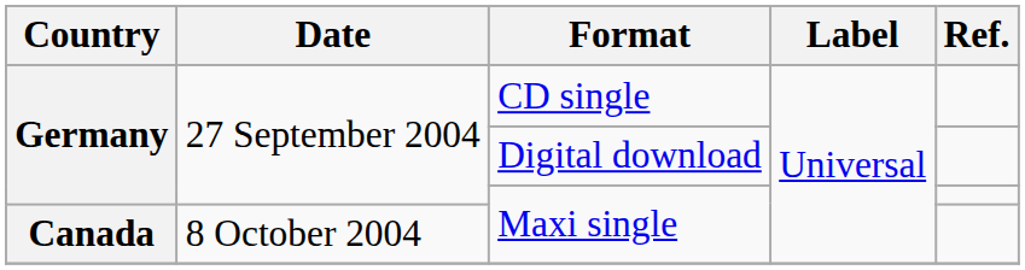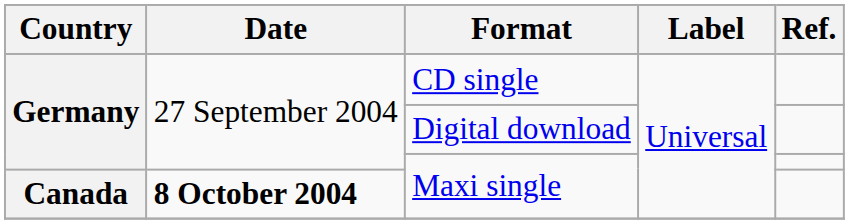 <table class="wikitable plainrowheaders">
 <tr>
 <th>Country</th>
 <th>Date</th>
 <th>Format</th>
 <th>Label</th>
 <th>Ref.</th>
 </tr>
 <tr>
 <th scope="row" rowspan="3">Germany</th>
 <td rowspan="3">27 September 2004</td>
 <td><a href='#'>CD single</a></td>
 <td rowspan="4"><a href='#'>Universal</a></td>
 <td></td>
 </tr>
 <tr>
 <td><a href='#'>Digital download</a></td>
 <td></td>
 </tr>
 <tr>
 <td rowspan="2"><a href='#'>Maxi single</a></td>
 <td></td>
 </tr>
 <tr>
 <th scope="row">Canada</th>
-<td>8 October 2004</td>
+<td><strong>8 October 2004</strong></td>
 <td></td>
 </tr>
 <tr>
 </tr>
 </table>
